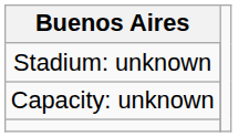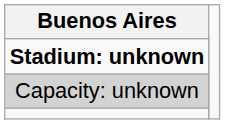 <table class="wikitable" style="text-align:center">
 <tr>
 <th colspan="2">Buenos Aires</th>
 <td rowspan=4></td>
 </tr>
 <tr>
-<td>Stadium: unknown</td>
+<td><strong>Stadium: unknown</strong></td>
 </tr>
 <tr>
-<td>Capacity: unknown</td>
+<td style="background: lightgrey;">Capacity: unknown</td>
 </tr>
 <tr>
 <td></td>
 </tr>
 </table>
